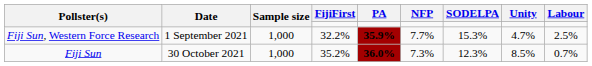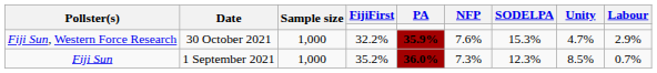 <table class=wikitable style="text-align:center; font-size:95%; line-height:16px;">
 <tr>
 <th rowspan=2>Pollster(s)</th>
 <th rowspan=2>Date</th>
 <th rowspan=2>Sample size</th>
 <th style="width:50px;"><a href='#'>FijiFirst</a></th>
 <th style="width:50px;"><a href='#'>PA</a></th>
 <th style="width:50px;"><a href='#'>NFP</a></th>
 <th style="width:50px;"><a href='#'>SODELPA</a></th>
 <th style="width:50px;"><a href='#'>Unity</a></th>
 <th style="width:50px;"><a href='#'>Labour</a></th>
 </tr>
 <tr>
 <td style="background:"></td>
 <td style="background:"></td>
 <td style="background:"></td>
 <td style="background:"></td>
 <td style="background:"></td>
 <td style="background:"></td>
 </tr>
 <tr>
 <td><em><a href='#'>Fiji Sun</a></em>, <a href='#'>Western Force Research</a></td>
-<td>1 September 2021</td>
+<td>30 October 2021</td>
 <td>1,000</td>
 <td>32.2%</td>
 <th style="background:#A30001"><strong>35.9%</strong></th>
-<td>7.7%</td>
+<td>7.6%</td>
 <td>15.3%</td>
 <td>4.7%</td>
-<td>2.5%</td>
+<td>2.9%</td>
 </tr>
 <tr>
 <td><em><a href='#'>Fiji Sun</a></em></td>
-<td>30 October 2021</td>
+<td>1 September 2021</td>
 <td>1,000</td>
 <td>35.2%</td>
 <th style="background:#A30001"><strong>36.0%</strong></th>
 <td>7.3%</td>
 <td>12.3%</td>
 <td>8.5%</td>
 <td>0.7%</td>
 </tr>
 </table>
